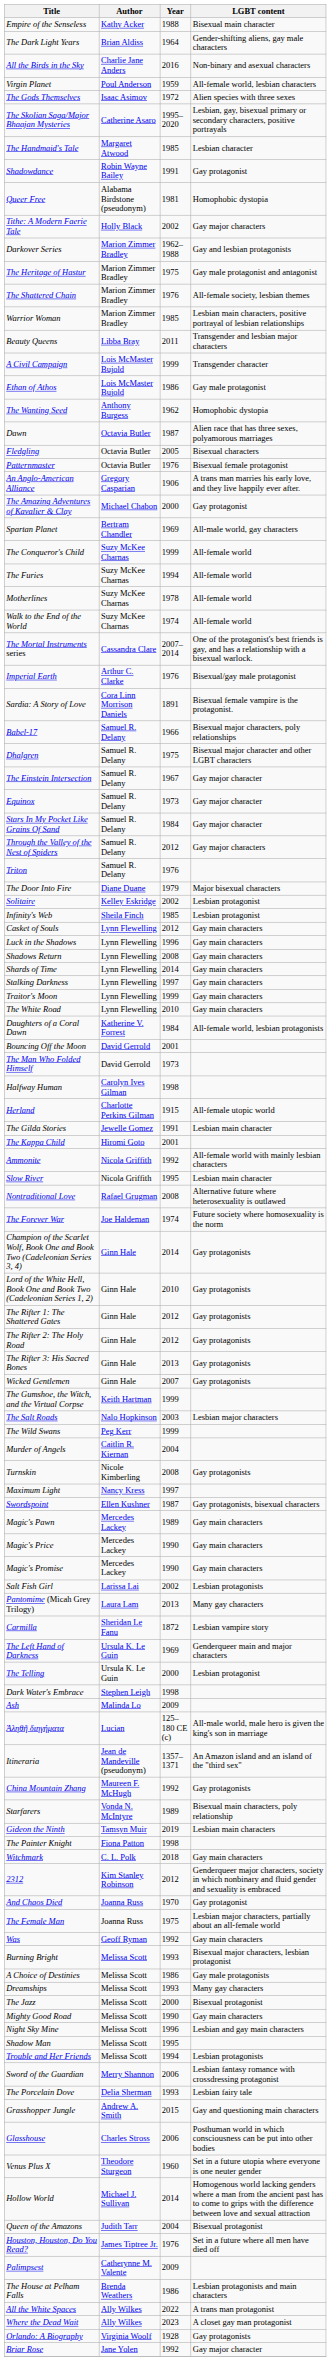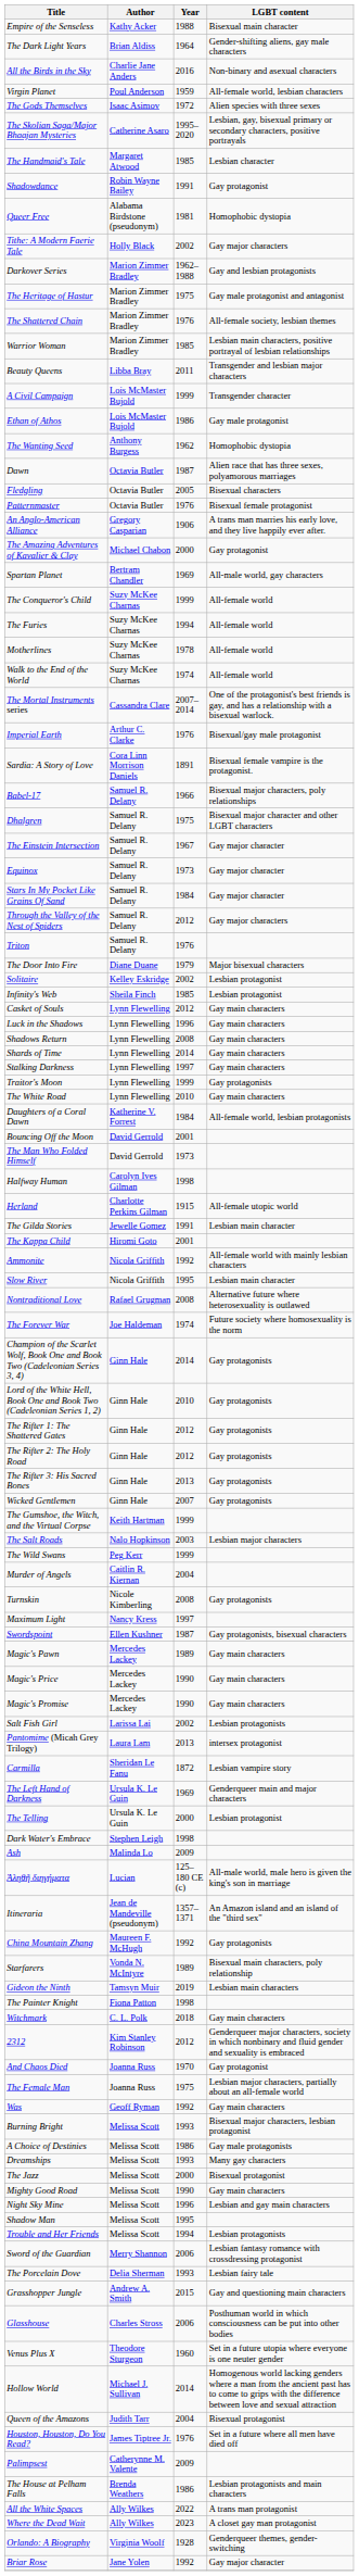 <table class="wikitable sortable">
 <tr>
 <th>Title</th>
 <th>Author</th>
 <th>Year</th>
 <th>LGBT content</th>
 </tr>
 <tr>
 <td><em>Empire of the Senseless</em></td>
 <td><a href='#'>Kathy Acker</a></td>
 <td>1988</td>
 <td>Bisexual main character</td>
 </tr>
 <tr>
 <td><em>The Dark Light Years</em></td>
 <td><a href='#'>Brian Aldiss</a></td>
 <td>1964</td>
 <td>Gender-shifting aliens, gay male characters</td>
 </tr>
 <tr>
 <td><em><a href='#'>All the Birds in the Sky</a></em></td>
 <td><a href='#'>Charlie Jane Anders</a></td>
 <td>2016</td>
 <td>Non-binary and asexual characters</td>
 </tr>
 <tr>
 <td><em>Virgin Planet</em></td>
 <td><a href='#'>Poul Anderson</a></td>
 <td>1959</td>
 <td>All-female world, lesbian characters</td>
 </tr>
 <tr>
 <td><em><a href='#'>The Gods Themselves</a></em></td>
 <td><a href='#'>Isaac Asimov</a></td>
 <td>1972</td>
 <td>Alien species with three sexes</td>
 </tr>
 <tr>
 <td><em><a href='#'>The Skolian Saga/Major Bhaajan Mysteries</a></em></td>
 <td><a href='#'>Catherine Asaro</a></td>
 <td>1995–2020</td>
 <td>Lesbian, gay, bisexual primary or secondary characters, positive portrayals</td>
 </tr>
 <tr>
 <td><em><a href='#'>The Handmaid's Tale</a></em></td>
 <td><a href='#'>Margaret Atwood</a></td>
 <td>1985</td>
 <td>Lesbian character</td>
 </tr>
 <tr>
 <td><em><a href='#'>Shadowdance</a></em></td>
 <td><a href='#'>Robin Wayne Bailey</a></td>
 <td>1991</td>
 <td>Gay protagonist</td>
 </tr>
 <tr>
 <td><em><a href='#'>Queer Free</a></em></td>
 <td>Alabama Birdstone (pseudonym)</td>
 <td>1981</td>
 <td>Homophobic dystopia</td>
 </tr>
 <tr>
 <td><em><a href='#'>Tithe: A Modern Faerie Tale</a></em></td>
 <td><a href='#'>Holly Black</a></td>
 <td>2002</td>
 <td>Gay major characters</td>
 </tr>
 <tr>
 <td><em>Darkover Series</em></td>
 <td><a href='#'>Marion Zimmer Bradley</a></td>
 <td>1962–1988</td>
 <td>Gay and lesbian protagonists</td>
 </tr>
 <tr>
 <td><em><a href='#'>The Heritage of Hastur</a></em></td>
 <td>Marion Zimmer Bradley</td>
 <td>1975</td>
 <td>Gay male protagonist and antagonist</td>
 </tr>
 <tr>
 <td><em><a href='#'>The Shattered Chain</a></em></td>
 <td>Marion Zimmer Bradley</td>
 <td>1976</td>
 <td>All-female society, lesbian themes</td>
 </tr>
 <tr>
 <td><em>Warrior Woman</em></td>
 <td>Marion Zimmer Bradley</td>
 <td>1985</td>
 <td>Lesbian main characters, positive portrayal of lesbian relationships</td>
 </tr>
 <tr>
 <td><em>Beauty Queens</em></td>
 <td><a href='#'>Libba Bray</a></td>
 <td>2011</td>
 <td>Transgender and lesbian major characters</td>
 </tr>
 <tr>
 <td><em><a href='#'>A Civil Campaign</a></em></td>
 <td><a href='#'>Lois McMaster Bujold</a></td>
 <td>1999</td>
 <td>Transgender character</td>
 </tr>
 <tr>
 <td><em><a href='#'>Ethan of Athos</a></em></td>
 <td><a href='#'>Lois McMaster Bujold</a></td>
 <td>1986</td>
 <td>Gay male protagonist</td>
 </tr>
 <tr>
 <td><em><a href='#'>The Wanting Seed</a></em></td>
 <td><a href='#'>Anthony Burgess</a></td>
 <td>1962</td>
 <td>Homophobic dystopia</td>
 </tr>
 <tr>
 <td><em>Dawn</em></td>
 <td><a href='#'>Octavia Butler</a></td>
 <td>1987</td>
 <td>Alien race that has three sexes, polyamorous marriages</td>
 </tr>
 <tr>
 <td><em><a href='#'>Fledgling</a></em></td>
 <td>Octavia Butler</td>
 <td>2005</td>
 <td>Bisexual characters</td>
 </tr>
 <tr>
 <td><em><a href='#'>Patternmaster</a></em></td>
 <td>Octavia Butler</td>
 <td>1976</td>
 <td>Bisexual female protagonist</td>
 </tr>
 <tr>
 <td><em><a href='#'>An Anglo-American Alliance</a></em></td>
 <td><a href='#'>Gregory Casparian</a></td>
 <td>1906</td>
 <td>A trans man marries his early love, and they live happily ever after.</td>
 </tr>
 <tr>
 <td><em><a href='#'>The Amazing Adventures of Kavalier & Clay</a></em></td>
 <td><a href='#'>Michael Chabon</a></td>
 <td>2000</td>
 <td>Gay protagonist</td>
 </tr>
 <tr>
 <td><em>Spartan Planet</em></td>
 <td><a href='#'>Bertram Chandler</a></td>
 <td>1969</td>
 <td>All-male world, gay characters</td>
 </tr>
 <tr>
 <td><em>The Conqueror's Child </em></td>
 <td><a href='#'>Suzy McKee Charnas</a></td>
 <td>1999</td>
 <td>All-female world</td>
 </tr>
 <tr>
 <td><em>The Furies</em></td>
 <td>Suzy McKee Charnas</td>
 <td>1994</td>
 <td>All-female world</td>
 </tr>
 <tr>
 <td><em>Motherlines</em></td>
 <td>Suzy McKee Charnas</td>
 <td>1978</td>
 <td>All-female world</td>
 </tr>
 <tr>
 <td><em>Walk to the End of the World</em></td>
 <td>Suzy McKee Charnas</td>
 <td>1974</td>
 <td>All-female world</td>
 </tr>
 <tr>
 <td><em><a href='#'>The Mortal Instruments</a></em> series</td>
 <td><a href='#'>Cassandra Clare</a></td>
 <td>2007–2014</td>
 <td>One of the protagonist's best friends is gay, and has a relationship with a bisexual warlock.</td>
 </tr>
 <tr>
 <td><em><a href='#'>Imperial Earth</a></em></td>
 <td><a href='#'>Arthur C. Clarke</a></td>
 <td>1976</td>
 <td>Bisexual/gay male protagonist</td>
 </tr>
 <tr>
 <td><em>Sardia: A Story of Love</em></td>
 <td><a href='#'>Cora Linn Morrison Daniels</a></td>
 <td>1891</td>
 <td>Bisexual female vampire is the protagonist.</td>
 </tr>
 <tr>
 <td><em><a href='#'>Babel-17</a></em></td>
 <td><a href='#'>Samuel R. Delany</a></td>
 <td>1966</td>
 <td>Bisexual major characters, poly relationships</td>
 </tr>
 <tr>
 <td><em><a href='#'>Dhalgren</a></em></td>
 <td>Samuel R. Delany</td>
 <td>1975</td>
 <td>Bisexual major character and other LGBT characters</td>
 </tr>
 <tr>
 <td><em><a href='#'>The Einstein Intersection</a></em></td>
 <td>Samuel R. Delany</td>
 <td>1967</td>
 <td>Gay major character</td>
 </tr>
 <tr>
 <td><em><a href='#'>Equinox</a></em></td>
 <td>Samuel R. Delany</td>
 <td>1973</td>
 <td>Gay major character</td>
 </tr>
 <tr>
 <td><em><a href='#'>Stars In My Pocket Like Grains Of Sand</a></em></td>
 <td>Samuel R. Delany</td>
 <td>1984</td>
 <td>Gay major character</td>
 </tr>
 <tr>
 <td><em><a href='#'>Through the Valley of the Nest of Spiders</a></em></td>
 <td>Samuel R. Delany</td>
 <td>2012</td>
 <td>Gay major characters</td>
 </tr>
 <tr>
 <td><em><a href='#'>Triton</a></em></td>
 <td>Samuel R. Delany</td>
 <td>1976</td>
 <td></td>
 </tr>
 <tr>
 <td><em>The Door Into Fire</em></td>
 <td><a href='#'>Diane Duane</a></td>
 <td>1979</td>
 <td>Major bisexual characters</td>
 </tr>
 <tr>
 <td><em><a href='#'>Solitaire</a></em></td>
 <td><a href='#'>Kelley Eskridge</a></td>
 <td>2002</td>
 <td>Lesbian protagonist</td>
 </tr>
 <tr>
 <td><em>Infinity's Web</em></td>
 <td><a href='#'>Sheila Finch</a></td>
 <td>1985</td>
 <td>Lesbian protagonist</td>
 </tr>
 <tr>
 <td><em>Casket of Souls</em></td>
 <td><a href='#'>Lynn Flewelling</a></td>
 <td>2012</td>
 <td>Gay main characters</td>
 </tr>
 <tr>
 <td><em>Luck in the Shadows</em></td>
 <td>Lynn Flewelling</td>
 <td>1996</td>
 <td>Gay main characters</td>
 </tr>
 <tr>
 <td><em>Shadows Return</em></td>
 <td>Lynn Flewelling</td>
 <td>2008</td>
 <td>Gay main characters</td>
 </tr>
 <tr>
 <td><em>Shards of Time</em></td>
 <td>Lynn Flewelling</td>
 <td>2014</td>
 <td>Gay main characters</td>
 </tr>
 <tr>
 <td><em>Stalking Darkness</em></td>
 <td>Lynn Flewelling</td>
 <td>1997</td>
 <td>Gay main characters</td>
 </tr>
 <tr>
 <td><em>Traitor's Moon</em></td>
 <td>Lynn Flewelling</td>
 <td>1999</td>
-<td>Gay main characters</td>
+<td>Gay protagonists</td>
 </tr>
 <tr>
 <td><em>The White Road</em></td>
 <td>Lynn Flewelling</td>
 <td>2010</td>
 <td>Gay main characters</td>
 </tr>
 <tr>
 <td><em>Daughters of a Coral Dawn</em></td>
 <td><a href='#'>Katherine V. Forrest</a></td>
 <td>1984</td>
 <td>All-female world, lesbian protagonists</td>
 </tr>
 <tr>
 <td><em>Bouncing Off the Moon</em></td>
 <td><a href='#'>David Gerrold</a></td>
 <td>2001</td>
 <td></td>
 </tr>
 <tr>
 <td><em><a href='#'>The Man Who Folded Himself</a></em></td>
 <td>David Gerrold</td>
 <td>1973</td>
 <td></td>
 </tr>
 <tr>
 <td><em>Halfway Human</em></td>
 <td><a href='#'>Carolyn Ives Gilman</a></td>
 <td>1998</td>
 <td></td>
 </tr>
 <tr>
 <td><em><a href='#'>Herland</a></em></td>
 <td><a href='#'>Charlotte Perkins Gilman</a></td>
 <td>1915</td>
 <td>All-female utopic world</td>
 </tr>
 <tr>
 <td><em>The Gilda Stories</em></td>
 <td><a href='#'>Jewelle Gomez</a></td>
 <td>1991</td>
 <td>Lesbian main character</td>
 </tr>
 <tr>
 <td><em><a href='#'>The Kappa Child</a></em></td>
 <td><a href='#'>Hiromi Goto</a></td>
 <td>2001</td>
 <td></td>
 </tr>
 <tr>
 <td><em><a href='#'>Ammonite</a></em></td>
 <td><a href='#'>Nicola Griffith</a></td>
 <td>1992</td>
 <td>All-female world with mainly lesbian characters</td>
 </tr>
 <tr>
 <td><em><a href='#'>Slow River</a></em></td>
 <td>Nicola Griffith</td>
 <td>1995</td>
 <td>Lesbian main character</td>
 </tr>
 <tr>
 <td><em><a href='#'>Nontraditional Love</a></em></td>
 <td><a href='#'>Rafael Grugman</a></td>
 <td>2008</td>
 <td>Alternative future where heterosexuality is outlawed</td>
 </tr>
 <tr>
 <td><em><a href='#'>The Forever War</a></em></td>
 <td><a href='#'>Joe Haldeman</a></td>
 <td>1974</td>
 <td>Future society where homosexuality is the norm</td>
 </tr>
 <tr>
 <td><em>Champion of the Scarlet Wolf, Book One and Book Two (Cadeleonian Series 3, 4)</em></td>
 <td><a href='#'>Ginn Hale</a></td>
 <td>2014</td>
 <td>Gay protagonists</td>
 </tr>
 <tr>
 <td><em>Lord of the White Hell, Book One and Book Two (Cadeleonian Series 1, 2)</em></td>
 <td>Ginn Hale</td>
 <td>2010</td>
 <td>Gay protagonists</td>
 </tr>
 <tr>
 <td><em>The Rifter 1: The Shattered Gates</em></td>
 <td>Ginn Hale</td>
 <td>2012</td>
 <td>Gay protagonists</td>
 </tr>
 <tr>
 <td><em>The Rifter 2: The Holy Road</em></td>
 <td>Ginn Hale</td>
 <td>2012</td>
 <td>Gay protagonists</td>
 </tr>
 <tr>
 <td><em>The Rifter 3: His Sacred Bones</em></td>
 <td>Ginn Hale</td>
 <td>2013</td>
 <td>Gay protagonists</td>
 </tr>
 <tr>
 <td><em>Wicked Gentlemen</em></td>
 <td>Ginn Hale</td>
 <td>2007</td>
 <td>Gay protagonists</td>
 </tr>
 <tr>
 <td><em>The Gumshoe, the Witch, and the Virtual Corpse</em></td>
 <td><a href='#'>Keith Hartman</a></td>
 <td>1999</td>
 <td></td>
 </tr>
 <tr>
 <td><em><a href='#'>The Salt Roads</a></em></td>
 <td><a href='#'>Nalo Hopkinson</a></td>
 <td>2003</td>
 <td>Lesbian major characters</td>
 </tr>
 <tr>
 <td><em>The Wild Swans</em></td>
 <td><a href='#'>Peg Kerr</a></td>
 <td>1999</td>
 <td></td>
 </tr>
 <tr>
 <td><em>Murder of Angels</em></td>
 <td><a href='#'>Caitlin R. Kiernan</a></td>
 <td>2004</td>
 <td></td>
 </tr>
 <tr>
 <td><em>Turnskin</em></td>
 <td>Nicole Kimberling</td>
 <td>2008</td>
 <td>Gay protagonists</td>
 </tr>
 <tr>
 <td><em>Maximum Light</em></td>
 <td><a href='#'>Nancy Kress</a></td>
 <td>1997</td>
 <td></td>
 </tr>
 <tr>
 <td><em><a href='#'>Swordspoint</a></em></td>
 <td><a href='#'>Ellen Kushner</a></td>
 <td>1987</td>
 <td>Gay protagonists, bisexual characters</td>
 </tr>
 <tr>
 <td><em>Magic's Pawn</em></td>
 <td><a href='#'>Mercedes Lackey</a></td>
 <td>1989</td>
 <td>Gay main characters</td>
 </tr>
 <tr>
 <td><em>Magic's Price</em></td>
 <td>Mercedes Lackey</td>
 <td>1990</td>
 <td>Gay main characters</td>
 </tr>
 <tr>
 <td><em>Magic's Promise</em></td>
 <td>Mercedes Lackey</td>
 <td>1990</td>
 <td>Gay main characters</td>
 </tr>
 <tr>
 <td><em>Salt Fish Girl</em></td>
 <td><a href='#'>Larissa Lai</a></td>
 <td>2002</td>
 <td>Lesbian protagonists</td>
 </tr>
 <tr>
 <td><em><a href='#'>Pantomime</a></em> (Micah Grey Trilogy)</td>
 <td><a href='#'>Laura Lam</a></td>
 <td>2013</td>
-<td>Many gay characters</td>
+<td>intersex protagonist</td>
 </tr>
 <tr>
 <td><em><a href='#'>Carmilla</a></em></td>
 <td><a href='#'>Sheridan Le Fanu</a></td>
 <td>1872</td>
 <td>Lesbian vampire story</td>
 </tr>
 <tr>
 <td><em><a href='#'>The Left Hand of Darkness</a></em></td>
 <td><a href='#'>Ursula K. Le Guin</a></td>
 <td>1969</td>
 <td>Genderqueer main and major characters</td>
 </tr>
 <tr>
 <td><em><a href='#'>The Telling</a></em></td>
 <td>Ursula K. Le Guin</td>
 <td>2000</td>
 <td>Lesbian protagonist</td>
 </tr>
 <tr>
 <td><em>Dark Water's Embrace</em></td>
 <td><a href='#'>Stephen Leigh</a></td>
 <td>1998</td>
 <td></td>
 </tr>
 <tr>
 <td><em><a href='#'>Ash</a></em></td>
 <td><a href='#'>Malinda Lo</a></td>
 <td>2009</td>
 <td></td>
 </tr>
 <tr>
 <td><em><a href='#'>Ἀληθῆ διηγήματα</a></em></td>
 <td><a href='#'>Lucian</a></td>
 <td>125–180 CE (c)</td>
 <td>All-male world, male hero is given the king's son in marriage</td>
 </tr>
 <tr>
 <td><em>Itineraria</em></td>
 <td><a href='#'>Jean de Mandeville</a> (pseudonym)</td>
 <td>1357–1371</td>
 <td>An Amazon island and an island of the "third sex"</td>
 </tr>
 <tr>
 <td><em><a href='#'>China Mountain Zhang</a></em></td>
 <td><a href='#'>Maureen F. McHugh</a></td>
 <td>1992</td>
 <td>Gay protagonists</td>
 </tr>
 <tr>
 <td><em>Starfarers</em></td>
 <td><a href='#'>Vonda N. McIntyre</a></td>
 <td>1989</td>
 <td>Bisexual main characters, poly relationship</td>
 </tr>
 <tr>
 <td><em><a href='#'>Gideon the Ninth</a></em></td>
 <td><a href='#'>Tamsyn Muir</a></td>
 <td>2019</td>
 <td>Lesbian main characters</td>
 </tr>
 <tr>
 <td><em>The Painter Knight</em></td>
 <td><a href='#'>Fiona Patton</a></td>
 <td>1998</td>
 <td></td>
 </tr>
 <tr>
 <td><em><a href='#'>Witchmark</a></em></td>
 <td><a href='#'>C. L. Polk</a></td>
 <td>2018</td>
 <td>Gay main characters</td>
 </tr>
 <tr>
 <td><em><a href='#'>2312</a></em></td>
 <td><a href='#'>Kim Stanley Robinson</a></td>
 <td>2012</td>
 <td>Genderqueer major characters, society in which nonbinary and fluid gender and sexuality is embraced</td>
 </tr>
 <tr>
 <td><em><a href='#'>And Chaos Died</a></em></td>
 <td><a href='#'>Joanna Russ</a></td>
 <td>1970</td>
 <td>Gay protagonist</td>
 </tr>
 <tr>
 <td><em><a href='#'>The Female Man</a></em></td>
 <td>Joanna Russ</td>
 <td>1975</td>
 <td>Lesbian major characters, partially about an all-female world</td>
 </tr>
 <tr>
 <td><em><a href='#'>Was</a></em></td>
 <td><a href='#'>Geoff Ryman</a></td>
 <td>1992</td>
 <td>Gay main characters</td>
 </tr>
 <tr>
 <td><em>Burning Bright</em></td>
 <td><a href='#'>Melissa Scott</a></td>
 <td>1993</td>
 <td>Bisexual major characters, lesbian protagonist</td>
 </tr>
 <tr>
 <td><em>A Choice of Destinies</em></td>
 <td>Melissa Scott</td>
 <td>1986</td>
 <td>Gay male protagonists</td>
 </tr>
 <tr>
 <td><em>Dreamships</em></td>
 <td>Melissa Scott</td>
 <td>1993</td>
 <td>Many gay characters</td>
 </tr>
 <tr>
 <td><em>The Jazz</em></td>
 <td>Melissa Scott</td>
 <td>2000</td>
 <td>Bisexual protagonist</td>
 </tr>
 <tr>
 <td><em>Mighty Good Road</em></td>
 <td>Melissa Scott</td>
 <td>1990</td>
 <td>Gay main characters</td>
 </tr>
 <tr>
 <td><em>Night Sky Mine</em></td>
 <td>Melissa Scott</td>
 <td>1996</td>
 <td>Lesbian and gay main characters</td>
 </tr>
 <tr>
 <td><em>Shadow Man</em></td>
 <td>Melissa Scott</td>
 <td>1995</td>
 <td></td>
 </tr>
 <tr>
 <td><em><a href='#'>Trouble and Her Friends</a></em></td>
 <td>Melissa Scott</td>
 <td>1994</td>
 <td>Lesbian protagonists</td>
 </tr>
 <tr>
 <td><em>Sword of the Guardian</em></td>
 <td><a href='#'>Merry Shannon</a></td>
 <td>2006</td>
 <td>Lesbian fantasy romance with crossdressing protagonist</td>
 </tr>
 <tr>
 <td><em>The Porcelain Dove</em></td>
 <td><a href='#'>Delia Sherman</a></td>
 <td>1993</td>
 <td>Lesbian fairy tale</td>
 </tr>
 <tr>
 <td><em>Grasshopper Jungle</em></td>
 <td><a href='#'>Andrew A. Smith</a></td>
 <td>2015</td>
 <td>Gay and questioning main characters</td>
 </tr>
 <tr>
 <td><em><a href='#'>Glasshouse</a></em></td>
 <td><a href='#'>Charles Stross</a></td>
 <td>2006</td>
 <td>Posthuman world in which consciousness can be put into other bodies</td>
 </tr>
 <tr>
 <td><em>Venus Plus X</em></td>
 <td><a href='#'>Theodore Sturgeon</a></td>
 <td>1960</td>
 <td>Set in a future utopia where everyone is one neuter gender</td>
 </tr>
 <tr>
 <td><em>Hollow World</em></td>
 <td><a href='#'>Michael J. Sullivan</a></td>
 <td>2014</td>
 <td>Homogenous world lacking genders where a man from the ancient past has to come to grips with the difference between love and sexual attraction</td>
 </tr>
 <tr>
 <td><em>Queen of the Amazons</em></td>
 <td><a href='#'>Judith Tarr</a></td>
 <td>2004</td>
 <td>Bisexual protagonist</td>
 </tr>
 <tr>
 <td><em><a href='#'>Houston, Houston, Do You Read?</a></em></td>
 <td><a href='#'>James Tiptree Jr.</a></td>
 <td>1976</td>
 <td>Set in a future where all men have died off</td>
 </tr>
 <tr>
 <td><em><a href='#'>Palimpsest</a></em></td>
 <td><a href='#'>Catherynne M. Valente</a></td>
 <td>2009</td>
 <td></td>
 </tr>
 <tr>
 <td><em>The House at Pelham Falls</em></td>
 <td><a href='#'>Brenda Weathers</a></td>
 <td>1986</td>
 <td>Lesbian protagonists and main characters</td>
 </tr>
 <tr>
 <td><em><a href='#'>All the White Spaces</a></em></td>
 <td><a href='#'>Ally Wilkes</a></td>
 <td>2022</td>
 <td>A trans man protagonist</td>
 </tr>
 <tr>
 <td><em><a href='#'>Where the Dead Wait</a></em></td>
 <td><a href='#'>Ally Wilkes</a></td>
 <td>2023</td>
 <td>A closet gay man protagonist</td>
 </tr>
 <tr>
 <td><em><a href='#'>Orlando: A Biography</a></em></td>
 <td><a href='#'>Virginia Woolf</a></td>
 <td>1928</td>
-<td>Gay protagonists</td>
+<td>Genderqueer themes, gender-switching</td>
 </tr>
 <tr>
 <td><em><a href='#'>Briar Rose</a></em></td>
 <td><a href='#'>Jane Yolen</a></td>
 <td>1992</td>
 <td>Gay major character</td>
 </tr>
 <tr>
 </tr>
 </table>
